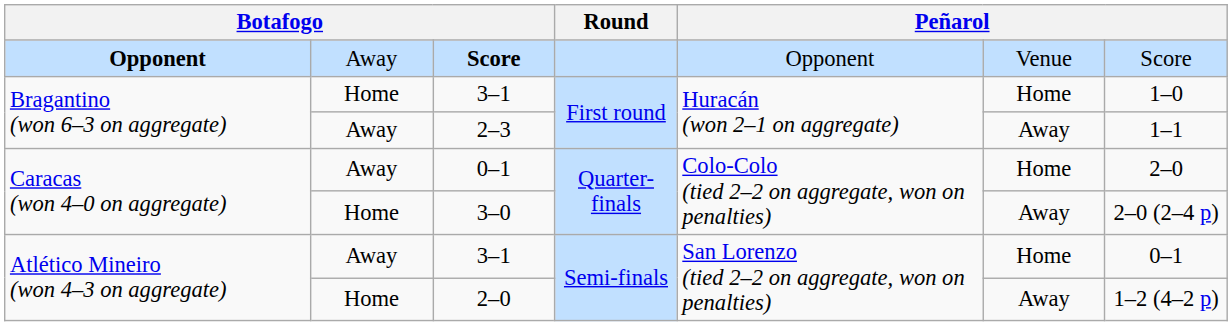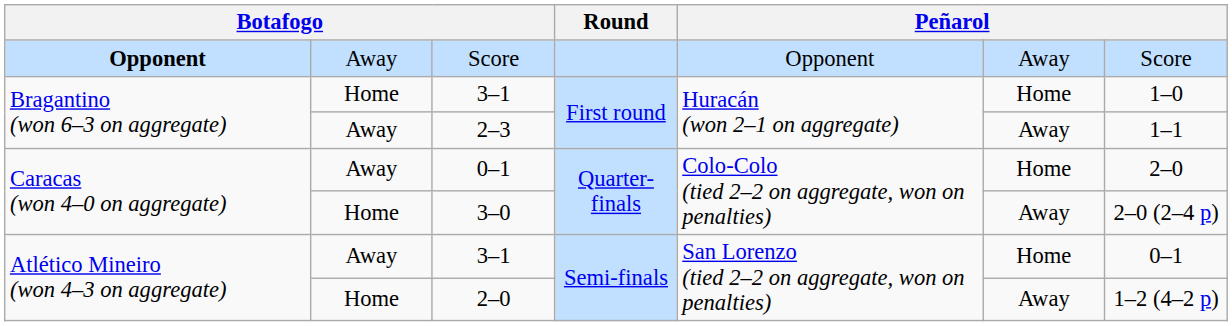 <table class="wikitable" style="text-align: center;">
 <tr>
 <th colspan=3> <a href='#'>Botafogo</a></th>
 <th>Round</th>
 <th colspan=3> <a href='#'>Peñarol</a></th>
 </tr>
 <tr bgcolor=#c1e0ff>
 <td width=25%><strong>Opponent</strong></td>
 <td>Away</td>
-<td width=10%><strong>Score</strong></td>
+<td width=10%>Score</td>
 <td width=10%></td>
 <td width=25%>Opponent</td>
-<td width=10%>Venue</td>
+<td>Away</td>
 <td width=10%>Score</td>
 </tr>
 <tr>
 <td rowspan=2 align=left> <a href='#'>Bragantino</a><br><em>(won 6–3 on aggregate)</em></td>
 <td>Home</td>
 <td>3–1</td>
 <td rowspan=2 bgcolor=#c1e0ff><a href='#'>First round</a></td>
 <td rowspan=2 align=left> <a href='#'>Huracán</a><br><em>(won 2–1 on aggregate)</em></td>
 <td>Home</td>
 <td>1–0</td>
 </tr>
 <tr>
 <td>Away</td>
 <td>2–3</td>
 <td>Away</td>
 <td>1–1</td>
 </tr>
 <tr>
 <td rowspan=2 align=left> <a href='#'>Caracas</a><br><em>(won 4–0 on aggregate)</em></td>
 <td>Away</td>
 <td>0–1</td>
 <td rowspan=2 bgcolor=#c1e0ff><a href='#'>Quarter-finals</a></td>
 <td rowspan=2 align=left> <a href='#'>Colo-Colo</a><br><em>(tied 2–2 on aggregate, won on penalties)</em></td>
 <td>Home</td>
 <td>2–0</td>
 </tr>
 <tr>
 <td>Home</td>
 <td>3–0</td>
 <td>Away</td>
 <td>2–0 (2–4 <a href='#'>p</a>)</td>
 </tr>
 <tr>
 <td rowspan=2 align=left> <a href='#'>Atlético Mineiro</a><br><em>(won 4–3 on aggregate)</em></td>
 <td>Away</td>
 <td>3–1</td>
 <td rowspan=2 bgcolor=#c1e0ff><a href='#'>Semi-finals</a></td>
 <td rowspan=2 align=left> <a href='#'>San Lorenzo</a><br><em>(tied 2–2 on aggregate, won on penalties)</em></td>
 <td>Home</td>
 <td>0–1</td>
 </tr>
 <tr>
 <td>Home</td>
 <td>2–0</td>
 <td>Away</td>
 <td>1–2 (4–2 <a href='#'>p</a>)</td>
 </tr>
 </table>
